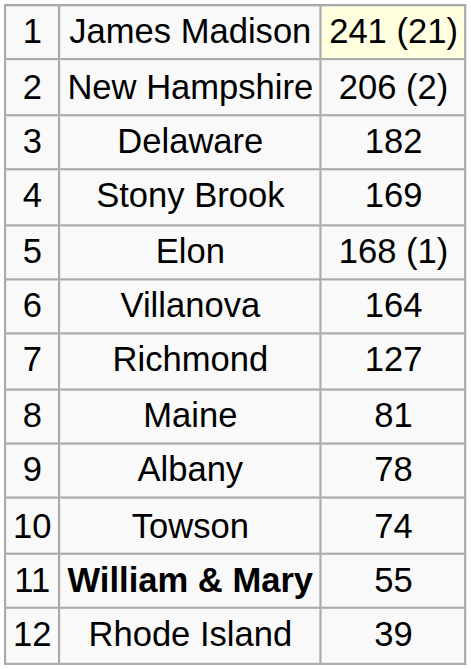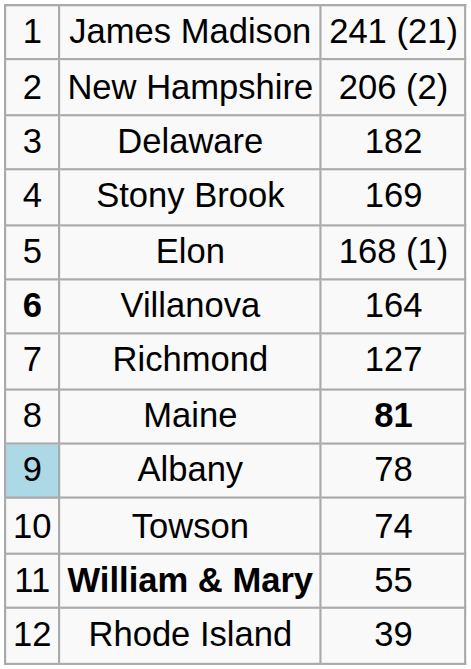 <table class="wikitable">
 <tr align="center">
 </tr>
 <tr align="center">
 <td>1</td>
 <td>James Madison</td>
-<td style="background: lightyellow;">241 (21)</td>
+<td>241 (21)</td>
 </tr>
 <tr align="center">
 <td>2</td>
 <td>New Hampshire</td>
 <td>206 (2)</td>
 </tr>
 <tr align="center">
 <td>3</td>
 <td>Delaware</td>
 <td>182</td>
 </tr>
 <tr align="center">
 <td>4</td>
 <td>Stony Brook</td>
 <td>169</td>
 </tr>
 <tr align="center">
 <td>5</td>
 <td>Elon</td>
 <td>168 (1)</td>
 </tr>
 <tr align="center">
-<td>6</td>
+<td><strong>6</strong></td>
 <td>Villanova</td>
 <td>164</td>
 </tr>
 <tr align="center">
 <td>7</td>
 <td>Richmond</td>
 <td>127</td>
 </tr>
 <tr align="center">
 <td>8</td>
 <td>Maine</td>
-<td>81</td>
+<td><strong>81</strong></td>
 </tr>
 <tr align="center">
-<td>9</td>
+<td style="background: lightblue;">9</td>
 <td>Albany</td>
 <td>78</td>
 </tr>
 <tr align="center">
 <td>10</td>
 <td>Towson</td>
 <td>74</td>
 </tr>
 <tr align="center">
 <td>11</td>
 <td><strong>William & Mary</strong></td>
 <td>55</td>
 </tr>
 <tr align="center">
 <td>12</td>
 <td>Rhode Island</td>
 <td>39</td>
 </tr>
 </table>
